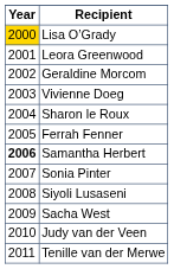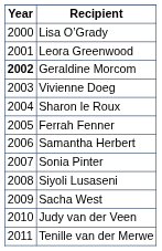 <table cellpadding="3" cellspacing="4" border="1" style="border:#435877 solid 1px; border-collapse: collapse;">
 <tr bgcolor="#d1e4fd">
 </tr>
 <tr>
 <th><strong>Year</strong></th>
 <th><strong>Recipient</strong></th>
 </tr>
 <tr>
-<td style="background: gold;">2000</td>
+<td>2000</td>
 <td>Lisa O’Grady</td>
 </tr>
 <tr>
 <td>2001</td>
 <td>Leora Greenwood</td>
 </tr>
 <tr>
-<td>2002</td>
+<td><strong>2002</strong></td>
 <td>Geraldine Morcom</td>
 </tr>
 <tr>
 <td>2003</td>
 <td>Vivienne Doeg</td>
 </tr>
 <tr>
 <td>2004</td>
 <td>Sharon le Roux</td>
 </tr>
 <tr>
 <td>2005</td>
 <td>Ferrah Fenner</td>
 </tr>
 <tr>
-<td><strong>2006</strong></td>
+<td>2006</td>
 <td>Samantha Herbert</td>
 </tr>
 <tr>
 <td>2007</td>
 <td>Sonia Pinter</td>
 </tr>
 <tr>
 <td>2008</td>
 <td>Siyoli Lusaseni</td>
 </tr>
 <tr>
 <td>2009</td>
 <td>Sacha West</td>
 </tr>
 <tr>
 <td>2010</td>
 <td>Judy van der Veen</td>
 </tr>
 <tr>
 <td>2011</td>
 <td>Tenille van der Merwe</td>
 </tr>
 </table>
